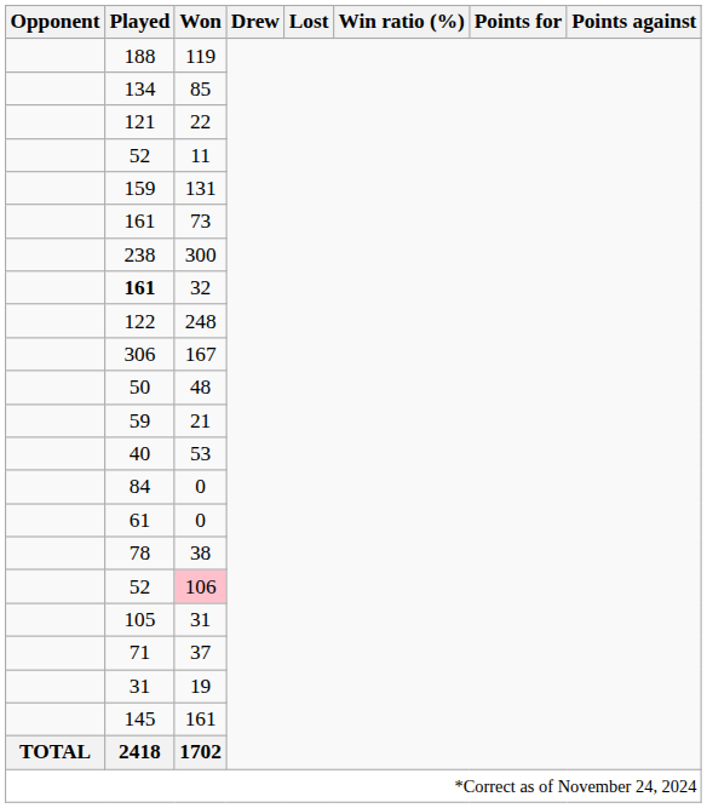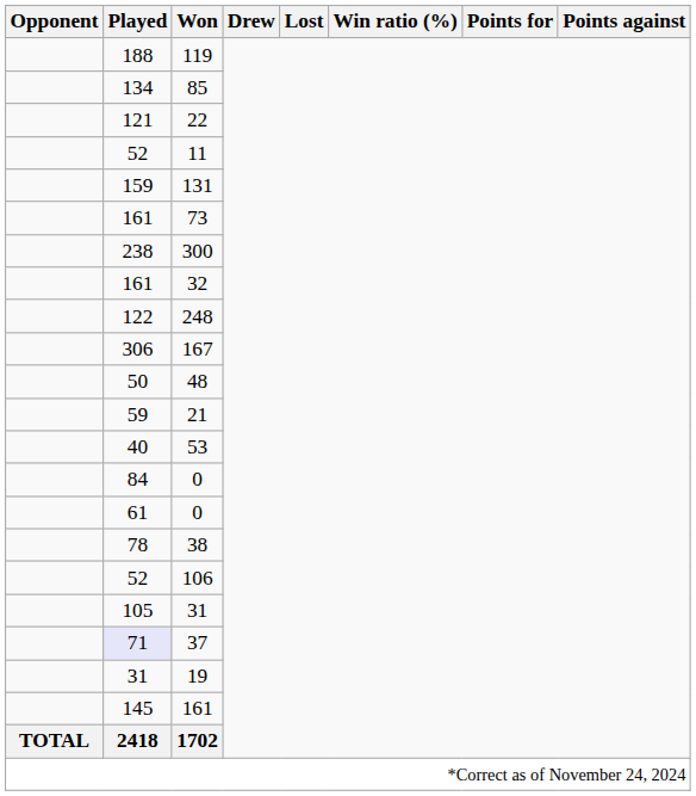 <table class="sortable wikitable">
 <tr>
 <th>Opponent</th>
 <th>Played</th>
 <th>Won</th>
 <th>Drew</th>
 <th>Lost</th>
 <th>Win ratio (%)</th>
 <th>Points for</th>
 <th>Points against</th>
 </tr>
 <tr align=center>
 <td align=left><br></td>
 <td>188</td>
 <td>119</td>
 </tr>
 <tr align=center>
 <td align=left><br></td>
 <td>134</td>
 <td>85</td>
 </tr>
 <tr align=center>
 <td align=left><br></td>
 <td>121</td>
 <td>22</td>
 </tr>
 <tr align=center>
 <td align=left><br></td>
 <td>52</td>
 <td>11</td>
 </tr>
 <tr align=center>
 <td align=left><br></td>
 <td>159</td>
 <td>131</td>
 </tr>
 <tr align=center>
 <td align=left><br></td>
 <td>161</td>
 <td>73</td>
 </tr>
 <tr align=center>
 <td align=left><br></td>
 <td>238</td>
 <td>300</td>
 </tr>
 <tr align=center>
 <td align=left><br></td>
-<td><strong>161</strong></td>
+<td>161</td>
 <td>32</td>
 </tr>
 <tr align=center>
 <td align=left><br></td>
 <td>122</td>
 <td>248</td>
 </tr>
 <tr align=center>
 <td align=left><br></td>
 <td>306</td>
 <td>167</td>
 </tr>
 <tr align=center>
 <td align=left><br></td>
 <td>50</td>
 <td>48</td>
 </tr>
 <tr align=center>
 <td align=left><br></td>
 <td>59</td>
 <td>21</td>
 </tr>
 <tr align=center>
 <td align=left><br></td>
 <td>40</td>
 <td>53</td>
 </tr>
 <tr align=center>
 <td align=left><br></td>
 <td>84</td>
 <td>0</td>
 </tr>
 <tr align=center>
 <td align=left><br></td>
 <td>61</td>
 <td>0</td>
 </tr>
 <tr align=center>
 <td align=left><br></td>
 <td>78</td>
 <td>38</td>
 </tr>
 <tr align=center>
 <td align=left><br></td>
 <td>52</td>
-<td style="background: pink;">106</td>
+<td>106</td>
 </tr>
 <tr align=center>
 <td align=left><br></td>
 <td>105</td>
 <td>31</td>
 </tr>
 <tr align=center>
 <td align=left><br></td>
-<td>71</td>
+<td style="background: lavender;">71</td>
 <td>37</td>
 </tr>
 <tr align=center>
 <td align=left><br></td>
 <td>31</td>
 <td>19</td>
 </tr>
 <tr align=center>
 <td align=left><br></td>
 <td>145</td>
 <td>161</td>
 </tr>
 <tr align=center>
 <th>TOTAL<br></th>
 <th>2418</th>
 <th>1702</th>
 </tr>
 <tr>
 <td colspan="8" style="text-align:right; background: white"><small>*Correct as of November 24, 2024</small></td>
 </tr>
 </table>
